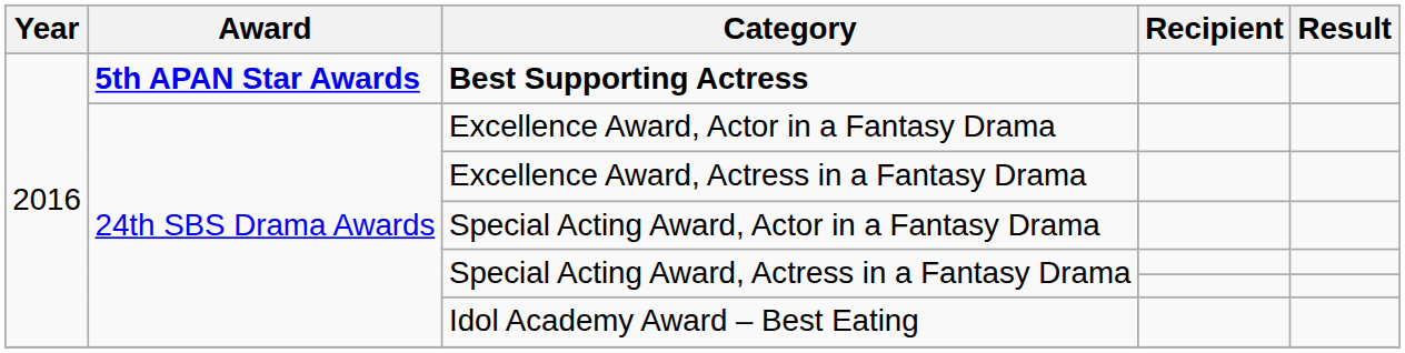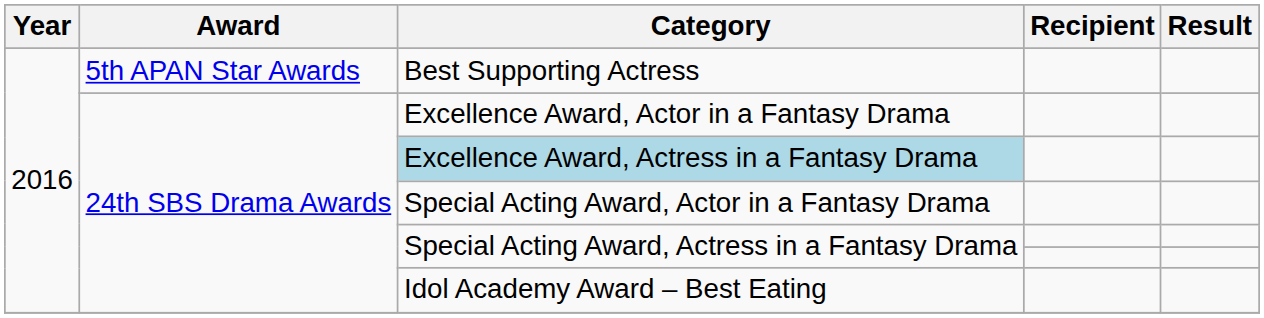 <table class="wikitable">
 <tr>
 <th>Year</th>
 <th>Award</th>
 <th>Category</th>
 <th>Recipient</th>
 <th>Result</th>
 </tr>
 <tr>
 <td rowspan="7">2016</td>
-<td><strong><a href='#'>5th APAN Star Awards</a></strong></td>
-<td><strong>Best Supporting Actress</strong></td>
+<td><a href='#'>5th APAN Star Awards</a></td>
+<td>Best Supporting Actress</td>
 <td></td>
 <td></td>
 </tr>
 <tr>
 <td rowspan="6"><a href='#'>24th SBS Drama Awards</a></td>
 <td>Excellence Award, Actor in a Fantasy Drama</td>
 <td></td>
 <td></td>
 </tr>
 <tr>
-<td>Excellence Award, Actress in a Fantasy Drama</td>
+<td style="background: lightblue;">Excellence Award, Actress in a Fantasy Drama</td>
 <td></td>
 <td></td>
 </tr>
 <tr>
 <td>Special Acting Award, Actor in a Fantasy Drama</td>
 <td></td>
 <td></td>
 </tr>
 <tr>
 <td rowspan="2">Special Acting Award, Actress in a Fantasy Drama</td>
 <td></td>
 <td></td>
 </tr>
 <tr>
 <td></td>
 <td></td>
 </tr>
 <tr>
 <td>Idol Academy Award – Best Eating</td>
 <td></td>
 <td></td>
 </tr>
 <tr>
 </tr>
 </table>
